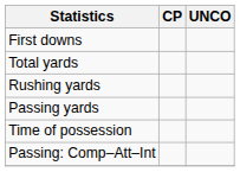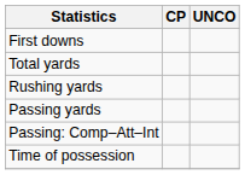 <table class="wikitable" style="float: left;">
 <tr>
 <th>Statistics</th>
 <th>CP</th>
 <th>UNCO</th>
 </tr>
 <tr>
 <td>First downs</td>
 <td></td>
 <td></td>
 </tr>
 <tr>
 <td>Total yards</td>
 <td></td>
 <td></td>
 </tr>
 <tr>
 <td>Rushing yards</td>
 <td></td>
 <td></td>
 </tr>
 <tr>
 <td>Passing yards</td>
 <td></td>
 <td></td>
 </tr>
 <tr>
-<td>Time of possession</td>
+<td>Passing: Comp–Att–Int</td>
 <td></td>
 <td></td>
 </tr>
 <tr>
-<td>Passing: Comp–Att–Int</td>
+<td>Time of possession</td>
 <td></td>
 <td></td>
 </tr>
 <tr>
 </tr>
 </table>
